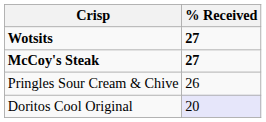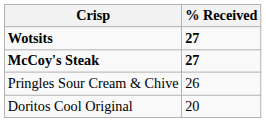 <table class="wikitable">
 <tr>
 <th>Crisp</th>
 <th>% Received</th>
 </tr>
 <tr>
 <td><strong>Wotsits</strong></td>
 <td><strong>27</strong></td>
 </tr>
 <tr>
 <td><strong>McCoy's Steak</strong></td>
 <td><strong>27</strong></td>
 </tr>
 <tr>
 <td>Pringles Sour Cream & Chive</td>
 <td>26</td>
 </tr>
 <tr>
 <td>Doritos Cool Original</td>
-<td style="background: lavender;">20</td>
+<td>20</td>
 </tr>
 </table>
